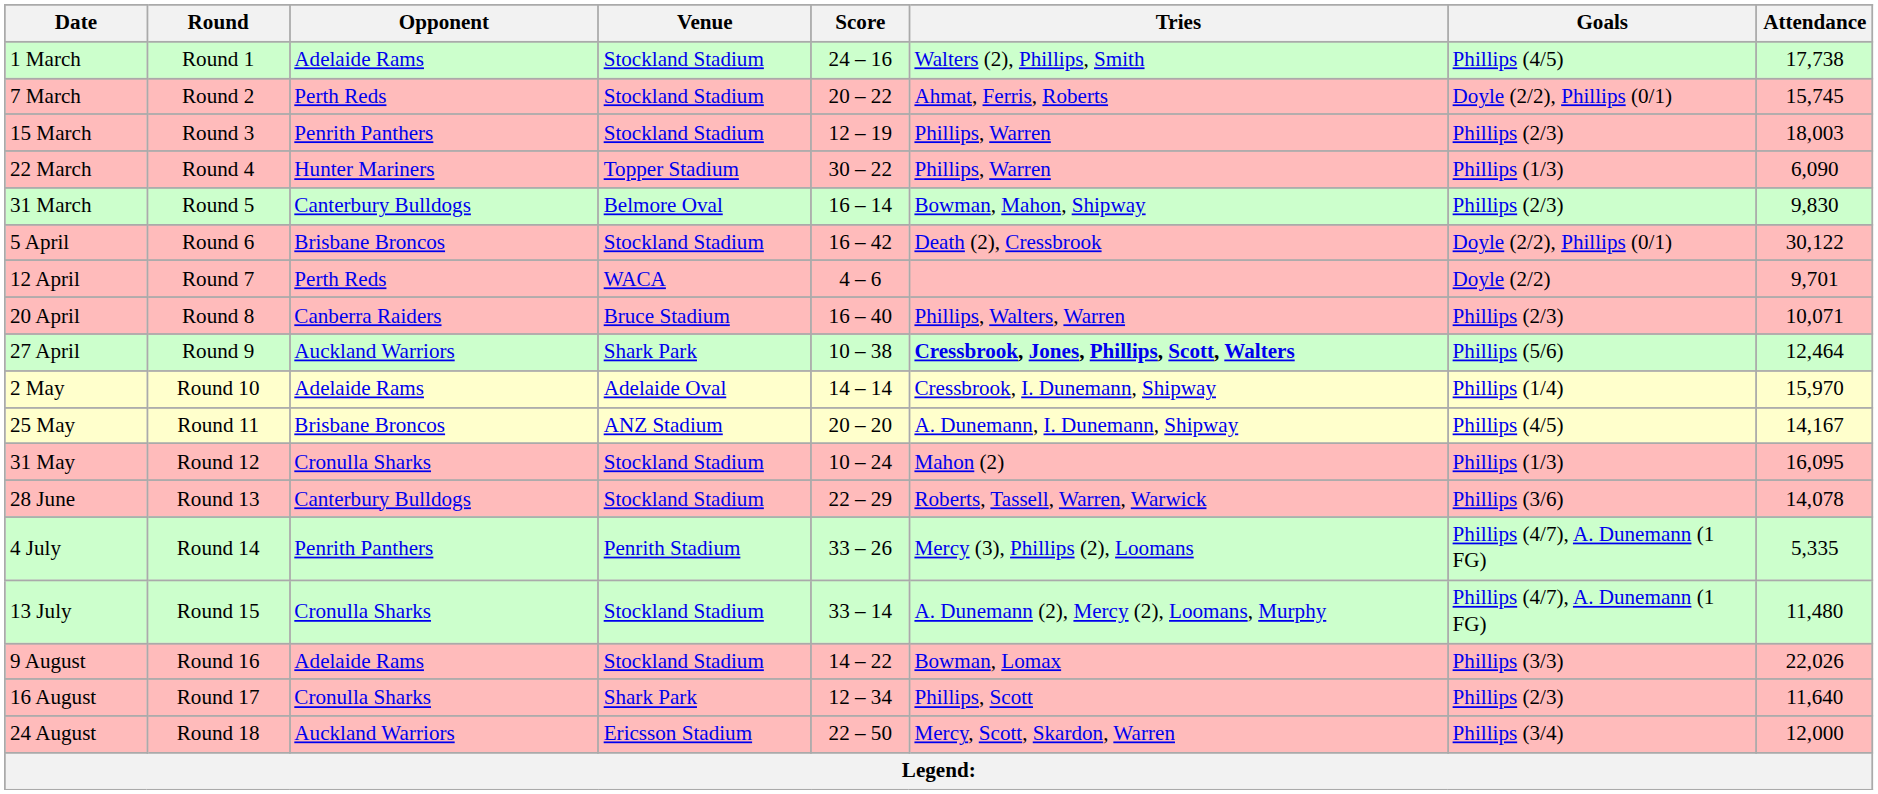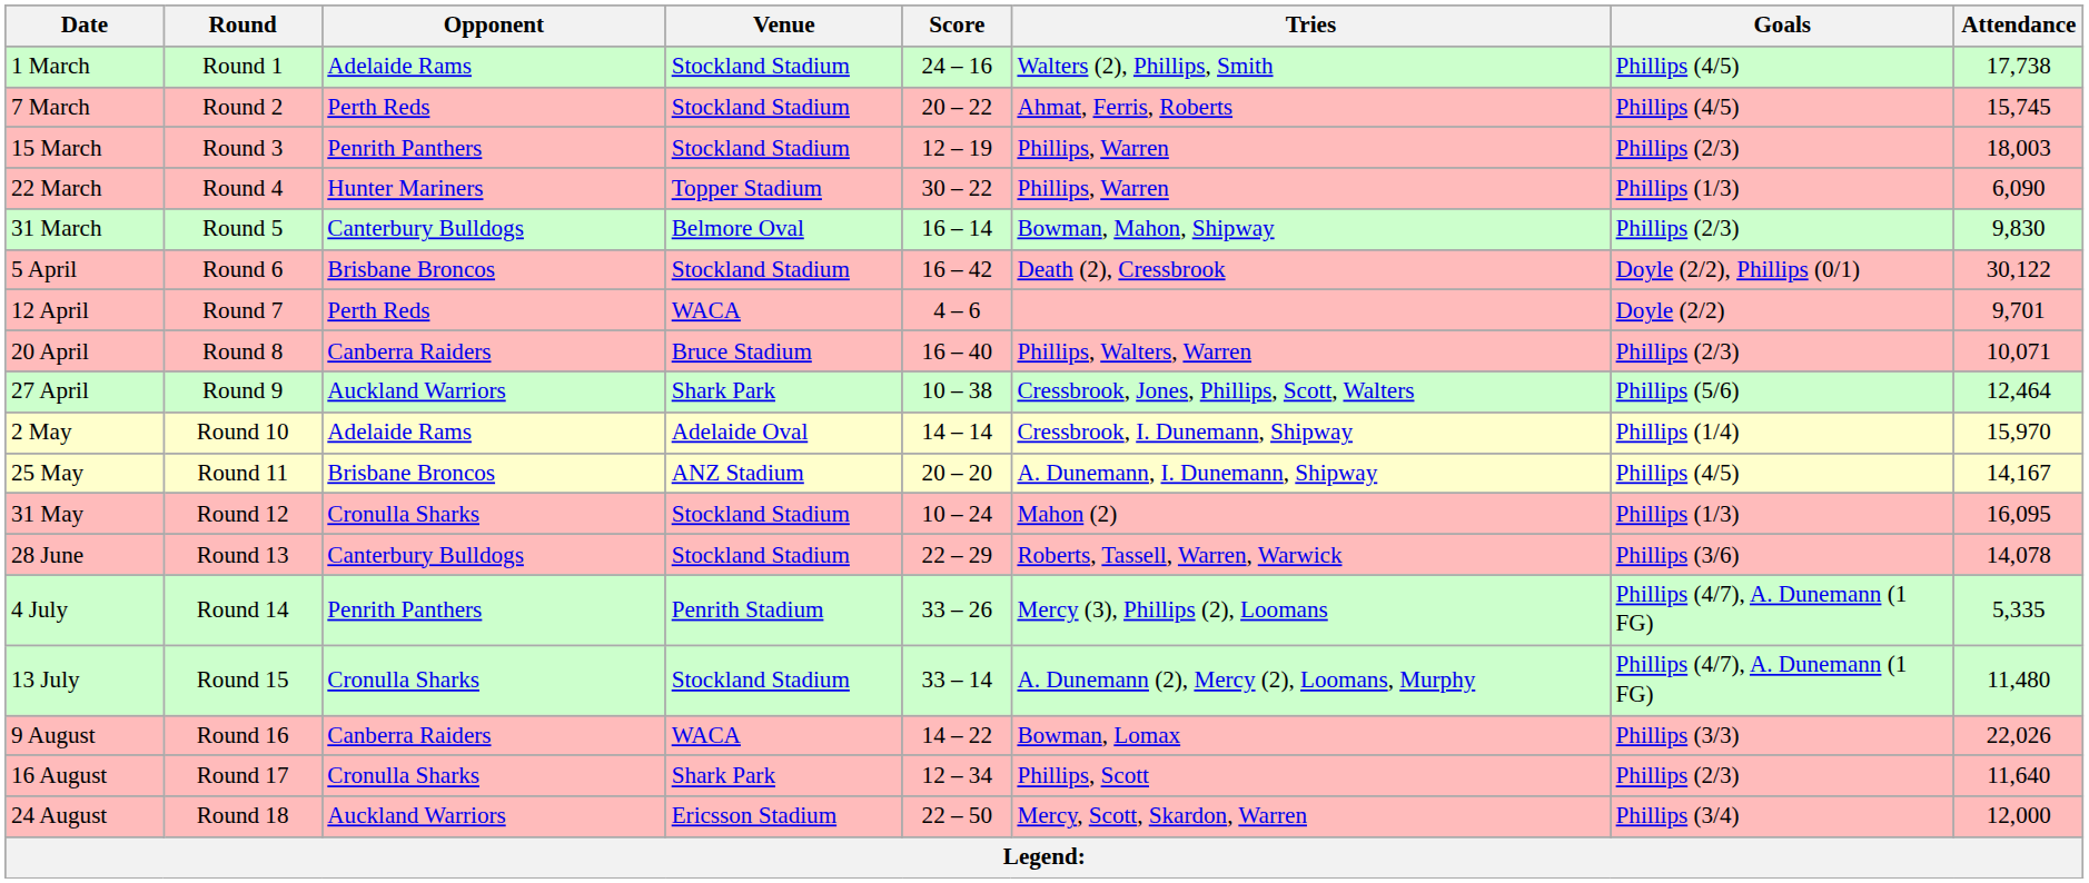 <table class="wikitable" style="font-size:75%;">
 <tr>
 <th style="width:75px;">Date</th>
 <th style="width:75px;">Round</th>
 <th style="width:170px;">Opponent</th>
 <th style="width:115px;">Venue</th>
 <th style="width:50px;">Score</th>
 <th style="width:300px;">Tries</th>
 <th style="width:170px;">Goals</th>
 <th style="width:60px;">Attendance</th>
 </tr>
 <tr style="background:#CCFFCC">
 <td>1 March</td>
 <td style="text-align:center;">Round 1</td>
 <td> <a href='#'>Adelaide Rams</a></td>
 <td><a href='#'>Stockland Stadium</a></td>
 <td style="text-align:center;">24 – 16</td>
 <td><a href='#'>Walters</a> (2), <a href='#'>Phillips</a>, <a href='#'>Smith</a></td>
 <td><a href='#'>Phillips</a> (4/5)</td>
 <td style="text-align:center;">17,738</td>
 </tr>
 <tr style="background:#FFBBBB">
 <td>7 March</td>
 <td style="text-align:center;">Round 2</td>
 <td> <a href='#'>Perth Reds</a></td>
 <td><a href='#'>Stockland Stadium</a></td>
 <td style="text-align:center;">20 – 22</td>
 <td><a href='#'>Ahmat</a>, <a href='#'>Ferris</a>, <a href='#'>Roberts</a></td>
-<td><a href='#'>Doyle</a> (2/2), <a href='#'>Phillips</a> (0/1)</td>
+<td><a href='#'>Phillips</a> (4/5)</td>
 <td style="text-align:center;">15,745</td>
 </tr>
 <tr style="background:#FFBBBB">
 <td>15 March</td>
 <td style="text-align:center;">Round 3</td>
 <td> <a href='#'>Penrith Panthers</a></td>
 <td><a href='#'>Stockland Stadium</a></td>
 <td style="text-align:center;">12 – 19</td>
 <td><a href='#'>Phillips</a>, <a href='#'>Warren</a></td>
 <td><a href='#'>Phillips</a> (2/3)</td>
 <td style="text-align:center;">18,003</td>
 </tr>
 <tr style="background:#FFBBBB">
 <td>22 March</td>
 <td style="text-align:center;">Round 4</td>
 <td> <a href='#'>Hunter Mariners</a></td>
 <td><a href='#'>Topper Stadium</a></td>
 <td style="text-align:center;">30 – 22</td>
 <td><a href='#'>Phillips</a>, <a href='#'>Warren</a></td>
 <td><a href='#'>Phillips</a> (1/3)</td>
 <td style="text-align:center;">6,090</td>
 </tr>
 <tr style="background:#CCFFCC">
 <td>31 March</td>
 <td style="text-align:center;">Round 5</td>
 <td> <a href='#'>Canterbury Bulldogs</a></td>
 <td><a href='#'>Belmore Oval</a></td>
 <td style="text-align:center;">16 – 14</td>
 <td><a href='#'>Bowman</a>, <a href='#'>Mahon</a>, <a href='#'>Shipway</a></td>
 <td><a href='#'>Phillips</a> (2/3)</td>
 <td style="text-align:center;">9,830</td>
 </tr>
 <tr style="background:#FFBBBB">
 <td>5 April</td>
 <td style="text-align:center;">Round 6</td>
 <td> <a href='#'>Brisbane Broncos</a></td>
 <td><a href='#'>Stockland Stadium</a></td>
 <td style="text-align:center;">16 – 42</td>
 <td><a href='#'>Death</a> (2), <a href='#'>Cressbrook</a></td>
 <td><a href='#'>Doyle</a> (2/2), <a href='#'>Phillips</a> (0/1)</td>
 <td style="text-align:center;">30,122</td>
 </tr>
 <tr style="background:#FFBBBB">
 <td>12 April</td>
 <td style="text-align:center;">Round 7</td>
 <td> <a href='#'>Perth Reds</a></td>
 <td><a href='#'>WACA</a></td>
 <td style="text-align:center;">4 – 6</td>
 <td></td>
 <td><a href='#'>Doyle</a> (2/2)</td>
 <td style="text-align:center;">9,701</td>
 </tr>
 <tr style="background:#FFBBBB">
 <td>20 April</td>
 <td style="text-align:center;">Round 8</td>
 <td> <a href='#'>Canberra Raiders</a></td>
 <td><a href='#'>Bruce Stadium</a></td>
 <td style="text-align:center;">16 – 40</td>
 <td><a href='#'>Phillips</a>, <a href='#'>Walters</a>, <a href='#'>Warren</a></td>
 <td><a href='#'>Phillips</a> (2/3)</td>
 <td style="text-align:center;">10,071</td>
 </tr>
 <tr style="background:#CCFFCC">
 <td>27 April</td>
 <td style="text-align:center;">Round 9</td>
 <td> <a href='#'>Auckland Warriors</a></td>
 <td><a href='#'>Shark Park</a></td>
 <td style="text-align:center;">10 – 38</td>
-<td><strong><a href='#'>Cressbrook</a>, <a href='#'>Jones</a>, <a href='#'>Phillips</a>, <a href='#'>Scott</a>, <a href='#'>Walters</a></strong></td>
+<td><a href='#'>Cressbrook</a>, <a href='#'>Jones</a>, <a href='#'>Phillips</a>, <a href='#'>Scott</a>, <a href='#'>Walters</a></td>
 <td><a href='#'>Phillips</a> (5/6)</td>
 <td style="text-align:center;">12,464</td>
 </tr>
 <tr style="background:#FFFFCC">
 <td>2 May</td>
 <td style="text-align:center;">Round 10</td>
 <td> <a href='#'>Adelaide Rams</a></td>
 <td><a href='#'>Adelaide Oval</a></td>
 <td style="text-align:center;">14 – 14</td>
 <td><a href='#'>Cressbrook</a>, <a href='#'>I. Dunemann</a>, <a href='#'>Shipway</a></td>
 <td><a href='#'>Phillips</a> (1/4)</td>
 <td style="text-align:center;">15,970</td>
 </tr>
 <tr style="background:#FFFFCC">
 <td>25 May</td>
 <td style="text-align:center;">Round 11</td>
 <td> <a href='#'>Brisbane Broncos</a></td>
 <td><a href='#'>ANZ Stadium</a></td>
 <td style="text-align:center;">20 – 20</td>
 <td><a href='#'>A. Dunemann</a>, <a href='#'>I. Dunemann</a>, <a href='#'>Shipway</a></td>
 <td><a href='#'>Phillips</a> (4/5)</td>
 <td style="text-align:center;">14,167</td>
 </tr>
 <tr style="background:#FFBBBB">
 <td>31 May</td>
 <td style="text-align:center;">Round 12</td>
 <td> <a href='#'>Cronulla Sharks</a></td>
 <td><a href='#'>Stockland Stadium</a></td>
 <td style="text-align:center;">10 – 24</td>
 <td><a href='#'>Mahon</a> (2)</td>
 <td><a href='#'>Phillips</a> (1/3)</td>
 <td style="text-align:center;">16,095</td>
 </tr>
 <tr style="background:#FFBBBB">
 <td>28 June</td>
 <td style="text-align:center;">Round 13</td>
 <td> <a href='#'>Canterbury Bulldogs</a></td>
 <td><a href='#'>Stockland Stadium</a></td>
 <td style="text-align:center;">22 – 29</td>
 <td><a href='#'>Roberts</a>, <a href='#'>Tassell</a>, <a href='#'>Warren</a>, <a href='#'>Warwick</a></td>
 <td><a href='#'>Phillips</a> (3/6)</td>
 <td style="text-align:center;">14,078</td>
 </tr>
 <tr style="background:#CCFFCC">
 <td>4 July</td>
 <td style="text-align:center;">Round 14</td>
 <td> <a href='#'>Penrith Panthers</a></td>
 <td><a href='#'>Penrith Stadium</a></td>
 <td style="text-align:center;">33 – 26</td>
 <td><a href='#'>Mercy</a> (3), <a href='#'>Phillips</a> (2), <a href='#'>Loomans</a></td>
 <td><a href='#'>Phillips</a> (4/7), <a href='#'>A. Dunemann</a> (1 FG)</td>
 <td style="text-align:center;">5,335</td>
 </tr>
 <tr style="background:#CCFFCC">
 <td>13 July</td>
 <td style="text-align:center;">Round 15</td>
 <td> <a href='#'>Cronulla Sharks</a></td>
 <td><a href='#'>Stockland Stadium</a></td>
 <td style="text-align:center;">33 – 14</td>
 <td><a href='#'>A. Dunemann</a> (2), <a href='#'>Mercy</a> (2), <a href='#'>Loomans</a>, <a href='#'>Murphy</a></td>
 <td><a href='#'>Phillips</a> (4/7), <a href='#'>A. Dunemann</a> (1 FG)</td>
 <td style="text-align:center;">11,480</td>
 </tr>
 <tr style="background:#FFBBBB">
 <td>9 August</td>
 <td style="text-align:center;">Round 16</td>
-<td> <a href='#'>Adelaide Rams</a></td>
-<td><a href='#'>Stockland Stadium</a></td>
+<td> <a href='#'>Canberra Raiders</a></td>
+<td><a href='#'>WACA</a></td>
 <td style="text-align:center;">14 – 22</td>
 <td><a href='#'>Bowman</a>, <a href='#'>Lomax</a></td>
 <td><a href='#'>Phillips</a> (3/3)</td>
 <td style="text-align:center;">22,026</td>
 </tr>
 <tr style="background:#FFBBBB">
 <td>16 August</td>
 <td style="text-align:center;">Round 17</td>
 <td> <a href='#'>Cronulla Sharks</a></td>
 <td><a href='#'>Shark Park</a></td>
 <td style="text-align:center;">12 – 34</td>
 <td><a href='#'>Phillips</a>, <a href='#'>Scott</a></td>
 <td><a href='#'>Phillips</a> (2/3)</td>
 <td style="text-align:center;">11,640</td>
 </tr>
 <tr style="background:#FFBBBB">
 <td>24 August</td>
 <td style="text-align:center;">Round 18</td>
 <td> <a href='#'>Auckland Warriors</a></td>
 <td><a href='#'>Ericsson Stadium</a></td>
 <td style="text-align:center;">22 – 50</td>
 <td><a href='#'>Mercy</a>, <a href='#'>Scott</a>, <a href='#'>Skardon</a>, <a href='#'>Warren</a></td>
 <td><a href='#'>Phillips</a> (3/4)</td>
 <td style="text-align:center;">12,000</td>
 </tr>
 <tr>
 <th colspan="11"><strong>Legend</strong>:    </th>
 </tr>
 </table>
